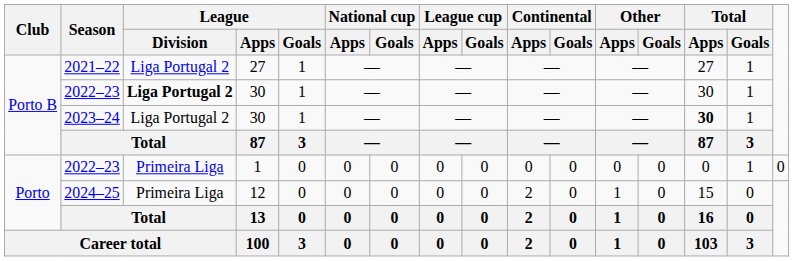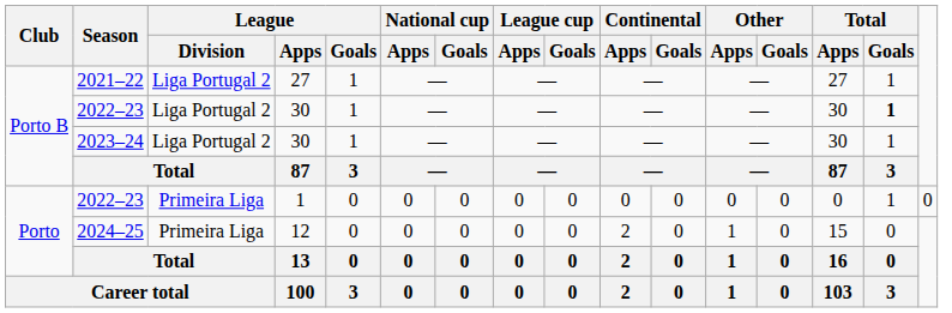 <table class="wikitable" style="text-align: center">
 <tr>
 <th rowspan="2">Club</th>
 <th rowspan="2">Season</th>
 <th colspan="3">League</th>
 <th colspan="2">National cup</th>
 <th colspan="2">League cup</th>
 <th colspan="2">Continental</th>
 <th colspan="2">Other</th>
 <th colspan="2">Total</th>
 </tr>
 <tr>
 <th>Division</th>
 <th>Apps</th>
 <th>Goals</th>
 <th>Apps</th>
 <th>Goals</th>
 <th>Apps</th>
 <th>Goals</th>
 <th>Apps</th>
 <th>Goals</th>
 <th>Apps</th>
 <th>Goals</th>
 <th>Apps</th>
 <th>Goals</th>
 </tr>
 <tr>
 <td rowspan="4"><a href='#'>Porto B</a></td>
 <td><a href='#'>2021–22</a></td>
 <td><a href='#'>Liga Portugal 2</a></td>
 <td>27</td>
 <td>1</td>
 <td colspan="2">—</td>
 <td colspan="2">—</td>
 <td colspan="2">—</td>
 <td colspan="2">—</td>
 <td>27</td>
 <td>1</td>
 </tr>
 <tr>
 <td><a href='#'>2022–23</a></td>
-<td><strong>Liga Portugal 2</strong></td>
+<td>Liga Portugal 2</td>
 <td>30</td>
 <td>1</td>
 <td colspan="2">—</td>
 <td colspan="2">—</td>
 <td colspan="2">—</td>
 <td colspan="2">—</td>
 <td>30</td>
-<td>1</td>
+<td><strong>1</strong></td>
 </tr>
 <tr>
 <td><a href='#'>2023–24</a></td>
 <td>Liga Portugal 2</td>
 <td>30</td>
 <td>1</td>
 <td colspan="2">—</td>
 <td colspan="2">—</td>
 <td colspan="2">—</td>
 <td colspan="2">—</td>
-<td><strong>30</strong></td>
+<td>30</td>
 <td>1</td>
 </tr>
 <tr>
 <th colspan="2">Total</th>
 <th>87</th>
 <th>3</th>
 <th colspan="2">—</th>
 <th colspan="2">—</th>
 <th colspan="2">—</th>
 <th colspan="2">—</th>
 <th>87</th>
 <th>3</th>
 </tr>
 <tr>
 <td rowspan="3"><a href='#'>Porto</a></td>
 <td><a href='#'>2022–23</a></td>
 <td><a href='#'>Primeira Liga</a></td>
 <td>1</td>
 <td>0</td>
 <td>0</td>
 <td>0</td>
 <td>0</td>
 <td>0</td>
 <td>0</td>
 <td>0</td>
 <td>0</td>
 <td>0</td>
 <td>0</td>
 <td>1</td>
 <td>0</td>
 </tr>
 <tr>
 <td><a href='#'>2024–25</a></td>
 <td>Primeira Liga</td>
 <td>12</td>
 <td>0</td>
 <td>0</td>
 <td>0</td>
 <td>0</td>
 <td>0</td>
 <td>2</td>
 <td>0</td>
 <td>1</td>
 <td>0</td>
 <td>15</td>
 <td>0</td>
 </tr>
 <tr>
 <th colspan="2">Total</th>
 <th>13</th>
 <th>0</th>
 <th>0</th>
 <th>0</th>
 <th>0</th>
 <th>0</th>
 <th>2</th>
 <th>0</th>
 <th>1</th>
 <th>0</th>
 <th>16</th>
 <th>0</th>
 </tr>
 <tr>
 <th colspan="3"><strong>Career total</strong></th>
 <th>100</th>
 <th>3</th>
 <th>0</th>
 <th>0</th>
 <th>0</th>
 <th>0</th>
 <th>2</th>
 <th>0</th>
 <th>1</th>
 <th>0</th>
 <th>103</th>
 <th>3</th>
 </tr>
 </table>
